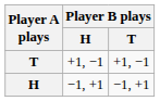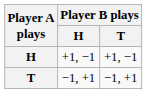 <table class="wikitable floatright" style="text-align:center; font-size:95%; margin-left:1.5em;">
 <tr>
 <th scope="col" rowspan="2">Player A<br> plays</th>
 <th scope="row" colspan="2">Player B plays</th>
 </tr>
 <tr>
 <th scope="col">H</th>
 <th scope="col">T</th>
 </tr>
 <tr>
-<th scope="row">T</th>
+<th scope="row">H</th>
 <td>+1, −1</td>
 <td>+1, −1</td>
 </tr>
 <tr>
-<th scope="row">H</th>
+<th scope="row">T</th>
 <td>−1, +1</td>
 <td>−1, +1</td>
 </tr>
 </table>
